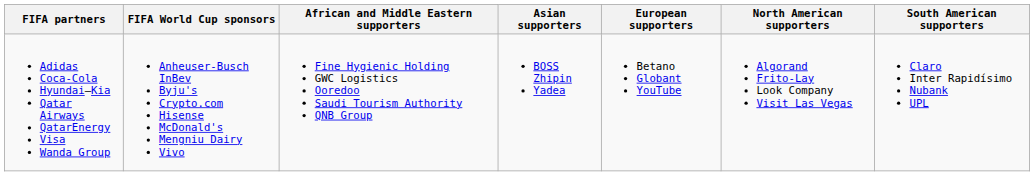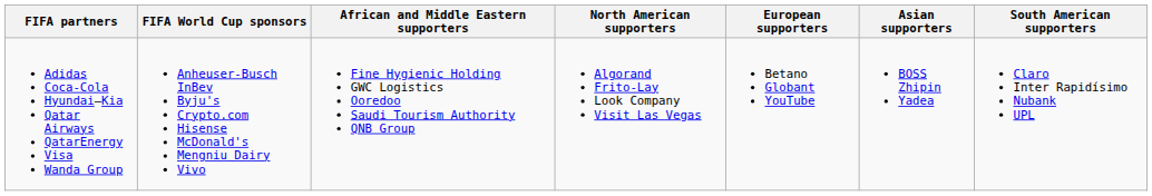 <table class="wikitable sortable">
 <tr>
 <th>FIFA partners</th>
 <th>FIFA World Cup sponsors</th>
 <th>African and Middle Eastern supporters</th>
+<th>North American supporters</th>
+<th>European supporters</th>
 <th>Asian supporters</th>
-<th>European supporters</th>
-<th>North American supporters</th>
 <th>South American supporters</th>
 </tr>
 <tr>
 <td style="vertical-align:top"><br><ul><li><a href='#'>Adidas</a></li><li><a href='#'>Coca-Cola</a></li><li><a href='#'>Hyundai</a>–<a href='#'>Kia</a></li><li><span><a href='#'>Qatar Airways</a></span></li><li><span><a href='#'>QatarEnergy</a></span></li><li><a href='#'>Visa</a></li><li><span><a href='#'>Wanda Group</a></span></li></ul></td>
 <td style="vertical-align:top;"><br><ul><li><span><a href='#'>Anheuser-Busch InBev</a></span></li><li><a href='#'>Byju's</a></li><li><a href='#'>Crypto.com</a></li><li><a href='#'>Hisense</a></li><li><a href='#'>McDonald's</a></li><li><a href='#'>Mengniu Dairy</a></li><li><a href='#'>Vivo</a></li></ul></td>
 <td style="vertical-align:top;"><br><ul><li><a href='#'>Fine Hygienic Holding</a></li><li>GWC Logistics</li><li><a href='#'>Ooredoo</a></li><li><a href='#'>Saudi Tourism Authority</a></li><li><a href='#'>QNB Group</a></li></ul></td>
+<td style="vertical-align:top;"><br><ul><li><a href='#'>Algorand</a></li><li><a href='#'>Frito-Lay</a></li><li>Look Company</li><li><a href='#'>Visit Las Vegas</a></li></ul></td>
+<td style="vertical-align:top;"><br><ul><li>Betano</li><li><a href='#'>Globant</a></li><li><a href='#'>YouTube</a></li></ul></td>
 <td style="vertical-align:top;"><br><ul><li><a href='#'>BOSS Zhipin</a></li><li><a href='#'>Yadea</a></li></ul></td>
-<td style="vertical-align:top;"><br><ul><li>Betano</li><li><a href='#'>Globant</a></li><li><a href='#'>YouTube</a></li></ul></td>
-<td style="vertical-align:top;"><br><ul><li><a href='#'>Algorand</a></li><li><a href='#'>Frito-Lay</a></li><li>Look Company</li><li><a href='#'>Visit Las Vegas</a></li></ul></td>
 <td style="vertical-align:top;"><br><ul><li><a href='#'>Claro</a></li><li>Inter Rapidísimo</li><li><a href='#'>Nubank</a></li><li><a href='#'>UPL</a></li></ul></td>
 </tr>
 </table>
